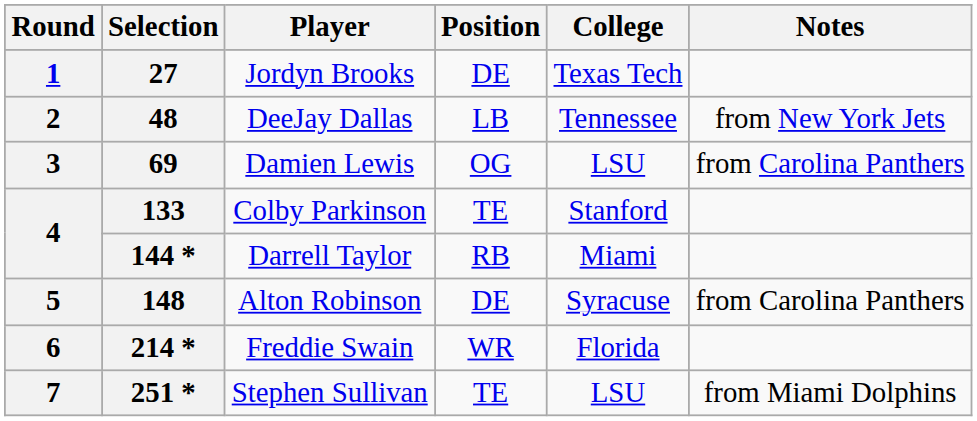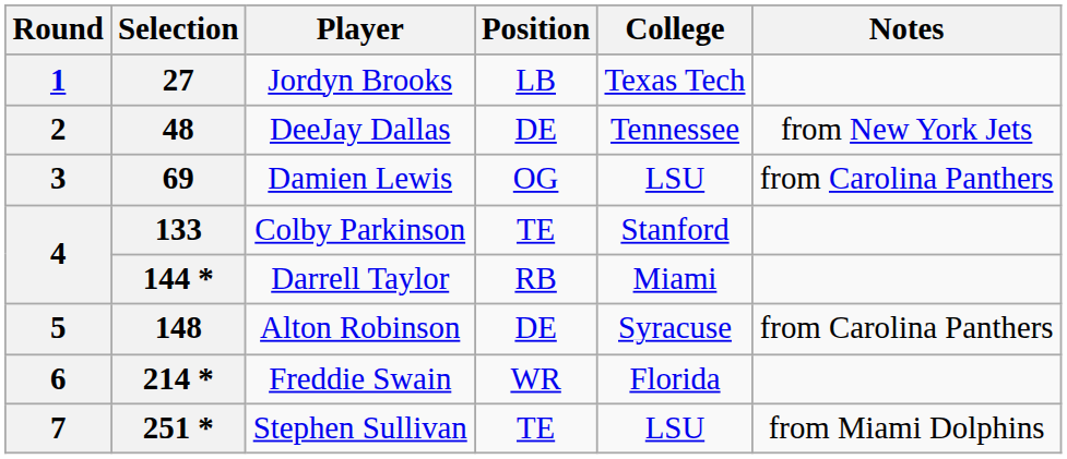 <table class="wikitable" style="text-align:center">
 <tr>
 <th>Round</th>
 <th>Selection</th>
 <th>Player</th>
 <th>Position</th>
 <th>College</th>
 <th>Notes</th>
 </tr>
 <tr>
 <th><a href='#'>1</a></th>
 <th>27</th>
 <td><a href='#'>Jordyn Brooks</a></td>
-<td><a href='#'>DE</a></td>
+<td><a href='#'>LB</a></td>
 <td><a href='#'>Texas Tech</a></td>
 <td></td>
 </tr>
 <tr>
 <th>2</th>
 <th>48</th>
 <td><a href='#'>DeeJay Dallas</a></td>
-<td><a href='#'>LB</a></td>
+<td><a href='#'>DE</a></td>
 <td><a href='#'>Tennessee</a></td>
 <td>from <a href='#'>New York Jets</a></td>
 </tr>
 <tr>
 <th>3</th>
 <th>69</th>
 <td><a href='#'>Damien Lewis</a></td>
 <td><a href='#'>OG</a></td>
 <td><a href='#'>LSU</a></td>
 <td>from <a href='#'>Carolina Panthers</a></td>
 </tr>
 <tr>
 <th rowspan=2>4</th>
 <th>133</th>
 <td><a href='#'>Colby Parkinson</a></td>
 <td><a href='#'>TE</a></td>
 <td><a href='#'>Stanford</a></td>
 <td></td>
 </tr>
 <tr>
 <th>144 *</th>
 <td><a href='#'>Darrell Taylor</a></td>
 <td><a href='#'>RB</a></td>
 <td><a href='#'>Miami</a></td>
 <td></td>
 </tr>
 <tr>
 <th>5</th>
 <th>148</th>
 <td><a href='#'>Alton Robinson</a></td>
 <td><a href='#'>DE</a></td>
 <td><a href='#'>Syracuse</a></td>
 <td>from Carolina Panthers</td>
 </tr>
 <tr>
 <th>6</th>
 <th>214 *</th>
 <td><a href='#'>Freddie Swain</a></td>
 <td><a href='#'>WR</a></td>
 <td><a href='#'>Florida</a></td>
 <td></td>
 </tr>
 <tr>
 <th>7</th>
 <th>251 *</th>
 <td><a href='#'>Stephen Sullivan</a></td>
 <td><a href='#'>TE</a></td>
 <td><a href='#'>LSU</a></td>
 <td>from Miami Dolphins</td>
 </tr>
 </table>
